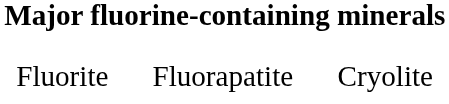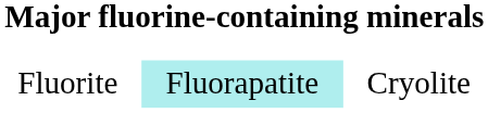 <table cellpadding="3" style="margin:1em auto 1em auto; text-align:center;">
 <tr>
 <td colspan="3" style="text-align:center;"><strong>Major fluorine-containing minerals</strong></td>
 </tr>
 <tr>
 <td></td>
 <td></td>
 <td></td>
 </tr>
 <tr style="text-align:center;">
 <td>Fluorite</td>
-<td>Fluorapatite</td>
+<td style="background: paleturquoise;">Fluorapatite</td>
 <td>Cryolite</td>
 </tr>
 </table>
